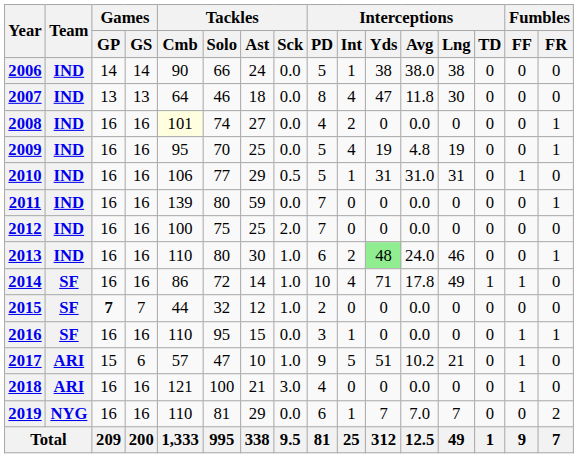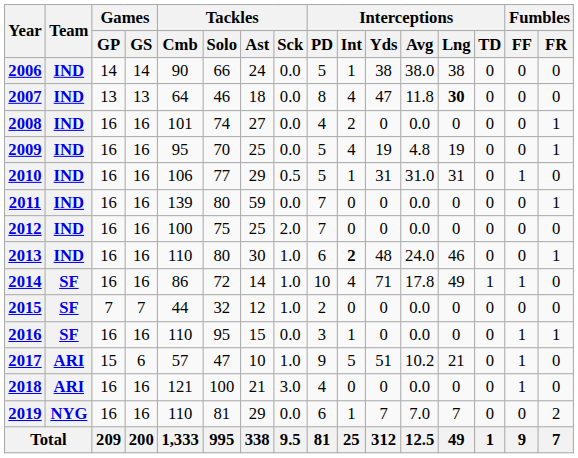 <table class="wikitable" style="text-align: center;">
 <tr>
 <th rowspan="2">Year</th>
 <th rowspan="2">Team</th>
 <th colspan="2">Games</th>
 <th colspan="4">Tackles</th>
 <th colspan="6">Interceptions</th>
 <th colspan="2">Fumbles</th>
 </tr>
 <tr>
 <th>GP</th>
 <th>GS</th>
 <th>Cmb</th>
 <th>Solo</th>
 <th>Ast</th>
 <th>Sck</th>
 <th>PD</th>
 <th>Int</th>
 <th>Yds</th>
 <th>Avg</th>
 <th>Lng</th>
 <th>TD</th>
 <th>FF</th>
 <th>FR</th>
 </tr>
 <tr>
 <th><a href='#'>2006</a></th>
 <th><a href='#'>IND</a></th>
 <td>14</td>
 <td>14</td>
 <td>90</td>
 <td>66</td>
 <td>24</td>
 <td>0.0</td>
 <td>5</td>
 <td>1</td>
 <td>38</td>
 <td>38.0</td>
 <td>38</td>
 <td>0</td>
 <td>0</td>
 <td>0</td>
 </tr>
 <tr>
 <th><a href='#'>2007</a></th>
 <th><a href='#'>IND</a></th>
 <td>13</td>
 <td>13</td>
 <td>64</td>
 <td>46</td>
 <td>18</td>
 <td>0.0</td>
 <td>8</td>
 <td>4</td>
 <td>47</td>
 <td>11.8</td>
-<td>30</td>
+<td><strong>30</strong></td>
 <td>0</td>
 <td>0</td>
 <td>0</td>
 </tr>
 <tr>
 <th><a href='#'>2008</a></th>
 <th><a href='#'>IND</a></th>
 <td>16</td>
 <td>16</td>
-<td style="background: lightyellow;">101</td>
+<td>101</td>
 <td>74</td>
 <td>27</td>
 <td>0.0</td>
 <td>4</td>
 <td>2</td>
 <td>0</td>
 <td>0.0</td>
 <td>0</td>
 <td>0</td>
 <td>0</td>
 <td>1</td>
 </tr>
 <tr>
 <th><a href='#'>2009</a></th>
 <th><a href='#'>IND</a></th>
 <td>16</td>
 <td>16</td>
 <td>95</td>
 <td>70</td>
 <td>25</td>
 <td>0.0</td>
 <td>5</td>
 <td>4</td>
 <td>19</td>
 <td>4.8</td>
 <td>19</td>
 <td>0</td>
 <td>0</td>
 <td>1</td>
 </tr>
 <tr>
 <th><a href='#'>2010</a></th>
 <th><a href='#'>IND</a></th>
 <td>16</td>
 <td>16</td>
 <td>106</td>
 <td>77</td>
 <td>29</td>
 <td>0.5</td>
 <td>5</td>
 <td>1</td>
 <td>31</td>
 <td>31.0</td>
 <td>31</td>
 <td>0</td>
 <td>1</td>
 <td>0</td>
 </tr>
 <tr>
 <th><a href='#'>2011</a></th>
 <th><a href='#'>IND</a></th>
 <td>16</td>
 <td>16</td>
 <td>139</td>
 <td>80</td>
 <td>59</td>
 <td>0.0</td>
 <td>7</td>
 <td>0</td>
 <td>0</td>
 <td>0.0</td>
 <td>0</td>
 <td>0</td>
 <td>0</td>
 <td>1</td>
 </tr>
 <tr>
 <th><a href='#'>2012</a></th>
 <th><a href='#'>IND</a></th>
 <td>16</td>
 <td>16</td>
 <td>100</td>
 <td>75</td>
 <td>25</td>
 <td>2.0</td>
 <td>7</td>
 <td>0</td>
 <td>0</td>
 <td>0.0</td>
 <td>0</td>
 <td>0</td>
 <td>0</td>
 <td>0</td>
 </tr>
 <tr>
 <th><a href='#'>2013</a></th>
 <th><a href='#'>IND</a></th>
 <td>16</td>
 <td>16</td>
 <td>110</td>
 <td>80</td>
 <td>30</td>
 <td>1.0</td>
 <td>6</td>
-<td>2</td>
-<td style="background: lightgreen;">48</td>
+<td><strong>2</strong></td>
+<td>48</td>
 <td>24.0</td>
 <td>46</td>
 <td>0</td>
 <td>0</td>
 <td>1</td>
 </tr>
 <tr>
 <th><a href='#'>2014</a></th>
 <th><a href='#'>SF</a></th>
 <td>16</td>
 <td>16</td>
 <td>86</td>
 <td>72</td>
 <td>14</td>
 <td>1.0</td>
 <td>10</td>
 <td>4</td>
 <td>71</td>
 <td>17.8</td>
 <td>49</td>
 <td>1</td>
 <td>1</td>
 <td>0</td>
 </tr>
 <tr>
 <th><a href='#'>2015</a></th>
 <th><a href='#'>SF</a></th>
-<td><strong>7</strong></td>
+<td>7</td>
 <td>7</td>
 <td>44</td>
 <td>32</td>
 <td>12</td>
 <td>1.0</td>
 <td>2</td>
 <td>0</td>
 <td>0</td>
 <td>0.0</td>
 <td>0</td>
 <td>0</td>
 <td>0</td>
 <td>0</td>
 </tr>
 <tr>
 <th><a href='#'>2016</a></th>
 <th><a href='#'>SF</a></th>
 <td>16</td>
 <td>16</td>
 <td>110</td>
 <td>95</td>
 <td>15</td>
 <td>0.0</td>
 <td>3</td>
 <td>1</td>
 <td>0</td>
 <td>0.0</td>
 <td>0</td>
 <td>0</td>
 <td>1</td>
 <td>1</td>
 </tr>
 <tr>
 <th><a href='#'>2017</a></th>
 <th><a href='#'>ARI</a></th>
 <td>15</td>
 <td>6</td>
 <td>57</td>
 <td>47</td>
 <td>10</td>
 <td>1.0</td>
 <td>9</td>
 <td>5</td>
 <td>51</td>
 <td>10.2</td>
 <td>21</td>
 <td>0</td>
 <td>1</td>
 <td>0</td>
 </tr>
 <tr>
 <th><a href='#'>2018</a></th>
 <th><a href='#'>ARI</a></th>
 <td>16</td>
 <td>16</td>
 <td>121</td>
 <td>100</td>
 <td>21</td>
 <td>3.0</td>
 <td>4</td>
 <td>0</td>
 <td>0</td>
 <td>0.0</td>
 <td>0</td>
 <td>0</td>
 <td>1</td>
 <td>0</td>
 </tr>
 <tr>
 <th><a href='#'>2019</a></th>
 <th><a href='#'>NYG</a></th>
 <td>16</td>
 <td>16</td>
 <td>110</td>
 <td>81</td>
 <td>29</td>
 <td>0.0</td>
 <td>6</td>
 <td>1</td>
 <td>7</td>
 <td>7.0</td>
 <td>7</td>
 <td>0</td>
 <td>0</td>
 <td>2</td>
 </tr>
 <tr>
 <th colspan="2">Total</th>
 <th>209</th>
 <th>200</th>
 <th>1,333</th>
 <th>995</th>
 <th>338</th>
 <th>9.5</th>
 <th>81</th>
 <th>25</th>
 <th>312</th>
 <th>12.5</th>
 <th>49</th>
 <th>1</th>
 <th>9</th>
 <th>7</th>
 </tr>
 </table>
